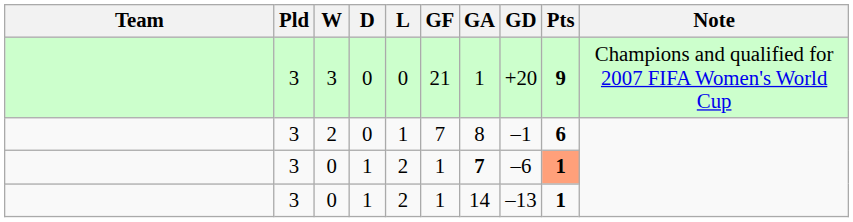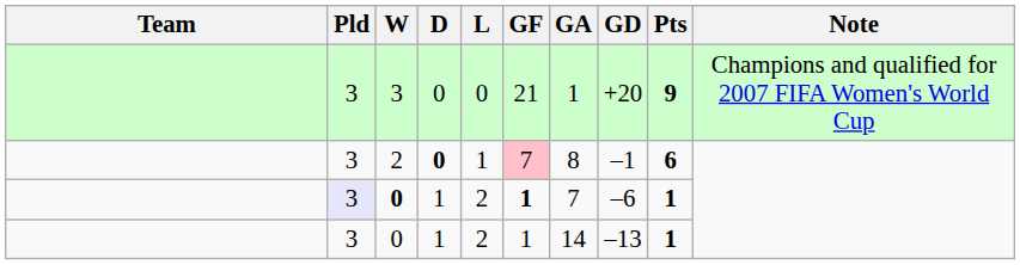 <table class="wikitable" style="text-align: center;">
 <tr>
 <th width=200>Team</th>
 <th width=20 abbr="Played">Pld</th>
 <th width=20 abbr="Won">W</th>
 <th width=20 abbr="Drawn">D</th>
 <th width=20 abbr="Lost">L</th>
 <th width=20 abbr="Goals for">GF</th>
 <th width=20 abbr="Goals against">GA</th>
 <th width=20 abbr="Goal difference">GD</th>
 <th width=20 abbr="Points">Pts</th>
 <th width=200>Note</th>
 </tr>
 <tr style="background:#ccffcc;">
 <td style="text-align:left;"></td>
 <td>3</td>
 <td>3</td>
 <td>0</td>
 <td>0</td>
 <td>21</td>
 <td>1</td>
 <td>+20</td>
 <td><strong>9</strong></td>
 <td>Champions and qualified for <a href='#'>2007 FIFA Women's World Cup</a></td>
 </tr>
 <tr align=center>
 <td style="text-align:left;"></td>
 <td>3</td>
 <td>2</td>
-<td>0</td>
+<td><strong>0</strong></td>
 <td>1</td>
-<td>7</td>
+<td style="background: pink;">7</td>
 <td>8</td>
 <td>–1</td>
 <td><strong>6</strong></td>
 <td rowspan="3"></td>
 </tr>
 <tr align=center>
 <td style="text-align:left;"></td>
-<td>3</td>
-<td>0</td>
+<td style="background: lavender;">3</td>
+<td><strong>0</strong></td>
 <td>1</td>
 <td>2</td>
-<td>1</td>
-<td><strong>7</strong></td>
+<td><strong>1</strong></td>
+<td>7</td>
 <td>–6</td>
-<td style="background: lightsalmon;"><strong>1</strong></td>
+<td><strong>1</strong></td>
 </tr>
 <tr align=center>
 <td style="text-align:left;"></td>
 <td>3</td>
 <td>0</td>
 <td>1</td>
 <td>2</td>
 <td>1</td>
 <td>14</td>
 <td>–13</td>
 <td><strong>1</strong></td>
 </tr>
 </table>
